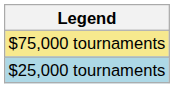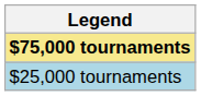 <table class=wikitable style="font-size:85%;">
 <tr>
 <th>Legend</th>
 </tr>
 <tr bgcolor=F7E98E>
-<td>$75,000 tournaments</td>
+<td><strong>$75,000 tournaments</strong></td>
 </tr>
 <tr bgcolor=lightblue>
 <td>$25,000 tournaments</td>
 </tr>
 </table>
